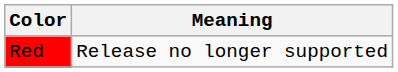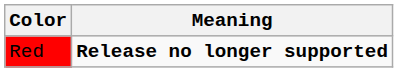 <table class="wikitable" align=>
 <tr>
 <th>Color</th>
 <th>Meaning</th>
 </tr>
 <tr>
 <td style="background-color:red;">Red</td>
-<td>Release no longer supported</td>
+<td><strong>Release no longer supported</strong></td>
 </tr>
 </table>
